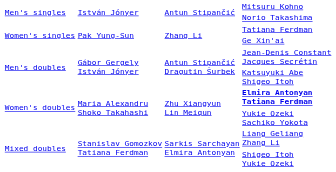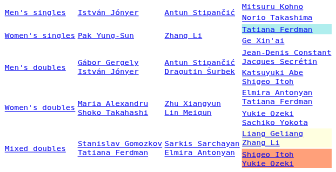 <table>
 <tr>
 <td rowspan=2><a href='#'>Men's singles</a></td>
 <td rowspan=2> <a href='#'>István Jónyer</a></td>
 <td rowspan=2> <a href='#'>Antun Stipančić</a></td>
 <td> <a href='#'>Mitsuru Kohno</a></td>
 </tr>
 <tr>
 <td> <a href='#'>Norio Takashima</a></td>
 </tr>
 <tr>
 <td rowspan=2><a href='#'>Women's singles</a></td>
 <td rowspan=2> <a href='#'>Pak Yung-Sun</a></td>
 <td rowspan=2> <a href='#'>Zhang Li</a></td>
-<td> <a href='#'>Tatiana Ferdman</a></td>
+<td style="background: paleturquoise;"> <a href='#'>Tatiana Ferdman</a></td>
 </tr>
 <tr>
 <td> <a href='#'>Ge Xin'ai</a></td>
 </tr>
 <tr>
 <td rowspan=2><a href='#'>Men's doubles</a></td>
 <td rowspan=2> <a href='#'>Gábor Gergely</a><br> <a href='#'>István Jónyer</a></td>
 <td rowspan=2> <a href='#'>Antun Stipančić</a><br> <a href='#'>Dragutin Šurbek</a></td>
 <td> <a href='#'>Jean-Denis Constant</a><br> <a href='#'>Jacques Secrétin</a></td>
 </tr>
 <tr>
 <td> <a href='#'>Katsuyuki Abe</a><br> <a href='#'>Shigeo Itoh</a></td>
 </tr>
 <tr>
 <td rowspan=2><a href='#'>Women's doubles</a></td>
 <td rowspan=2> <a href='#'>Maria Alexandru</a><br> <a href='#'>Shoko Takahashi</a></td>
 <td rowspan=2><a href='#'>Zhu Xiangyun</a><br> <a href='#'>Lin Meiqun</a></td>
-<td><strong> <a href='#'>Elmira Antonyan</a><br> <a href='#'>Tatiana Ferdman</a></strong></td>
+<td> <a href='#'>Elmira Antonyan</a><br> <a href='#'>Tatiana Ferdman</a></td>
 </tr>
 <tr>
 <td> <a href='#'>Yukie Ozeki</a><br> <a href='#'>Sachiko Yokota</a></td>
 </tr>
 <tr>
 <td rowspan=2><a href='#'>Mixed doubles</a></td>
 <td rowspan=2> <a href='#'>Stanislav Gomozkov</a><br> <a href='#'>Tatiana Ferdman</a></td>
 <td rowspan=2> <a href='#'>Sarkis Sarchayan</a><br> <a href='#'>Elmira Antonyan</a></td>
-<td> <a href='#'>Liang Geliang</a><br> <a href='#'>Zhang Li</a></td>
+<td style="background: lightyellow;"> <a href='#'>Liang Geliang</a><br> <a href='#'>Zhang Li</a></td>
 </tr>
 <tr>
-<td> <a href='#'>Shigeo Itoh</a><br> <a href='#'>Yukie Ozeki</a></td>
+<td style="background: lightsalmon;"> <a href='#'>Shigeo Itoh</a><br> <a href='#'>Yukie Ozeki</a></td>
 </tr>
 </table>
